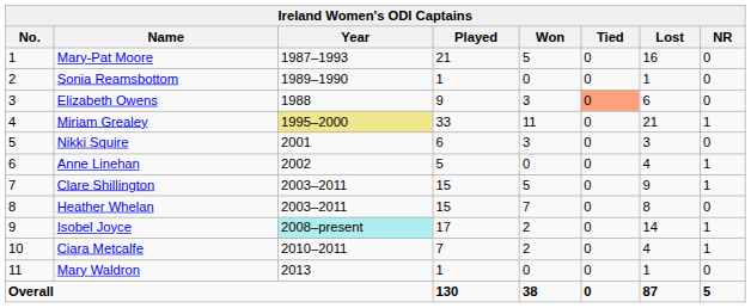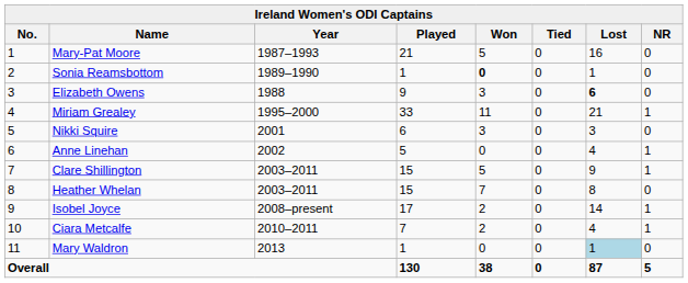 <table class="wikitable" style="width:70%;">
 <tr>
 <th style="background:#efefef;" colspan="9">Ireland Women's ODI Captains</th>
 </tr>
 <tr style="background:#efefef;">
 <th>No.</th>
 <th>Name</th>
 <th>Year</th>
 <th>Played</th>
 <th>Won</th>
 <th>Tied</th>
 <th>Lost</th>
 <th>NR</th>
 </tr>
 <tr>
 <td>1</td>
 <td><a href='#'>Mary-Pat Moore</a></td>
 <td>1987–1993</td>
 <td>21</td>
 <td>5</td>
 <td>0</td>
 <td>16</td>
 <td>0</td>
 </tr>
 <tr>
 <td>2</td>
 <td><a href='#'>Sonia Reamsbottom</a></td>
 <td>1989–1990</td>
 <td>1</td>
-<td>0</td>
+<td><strong>0</strong></td>
 <td>0</td>
 <td>1</td>
 <td>0</td>
 </tr>
 <tr>
 <td>3</td>
 <td><a href='#'>Elizabeth Owens</a></td>
 <td>1988</td>
 <td>9</td>
 <td>3</td>
-<td style="background: lightsalmon;">0</td>
-<td>6</td>
+<td>0</td>
+<td><strong>6</strong></td>
 <td>0</td>
 </tr>
 <tr>
 <td>4</td>
 <td><a href='#'>Miriam Grealey</a></td>
-<td style="background: khaki;">1995–2000</td>
+<td>1995–2000</td>
 <td>33</td>
 <td>11</td>
 <td>0</td>
 <td>21</td>
 <td>1</td>
 </tr>
 <tr>
 <td>5</td>
 <td><a href='#'>Nikki Squire</a></td>
 <td>2001</td>
 <td>6</td>
 <td>3</td>
 <td>0</td>
 <td>3</td>
 <td>0</td>
 </tr>
 <tr>
 <td>6</td>
 <td><a href='#'>Anne Linehan</a></td>
 <td>2002</td>
 <td>5</td>
 <td>0</td>
 <td>0</td>
 <td>4</td>
 <td>1</td>
 </tr>
 <tr>
 <td>7</td>
 <td><a href='#'>Clare Shillington</a></td>
 <td>2003–2011</td>
 <td>15</td>
 <td>5</td>
 <td>0</td>
 <td>9</td>
 <td>1</td>
 </tr>
 <tr>
 <td>8</td>
 <td><a href='#'>Heather Whelan</a></td>
 <td>2003–2011</td>
 <td>15</td>
 <td>7</td>
 <td>0</td>
 <td>8</td>
 <td>0</td>
 </tr>
 <tr>
 <td>9</td>
 <td><a href='#'>Isobel Joyce</a></td>
-<td style="background: paleturquoise;">2008–present</td>
+<td>2008–present</td>
 <td>17</td>
 <td>2</td>
 <td>0</td>
 <td>14</td>
 <td>1</td>
 </tr>
 <tr>
 <td>10</td>
 <td><a href='#'>Ciara Metcalfe</a></td>
 <td>2010–2011</td>
 <td>7</td>
 <td>2</td>
 <td>0</td>
 <td>4</td>
 <td>1</td>
 </tr>
 <tr>
 <td>11</td>
 <td><a href='#'>Mary Waldron</a></td>
 <td>2013</td>
 <td>1</td>
 <td>0</td>
 <td>0</td>
-<td>1</td>
+<td style="background: lightblue;">1</td>
 <td>0</td>
 </tr>
 <tr>
 <td colspan=3><strong>Overall</strong></td>
 <td><strong>130</strong></td>
 <td><strong>38</strong></td>
 <td><strong>0</strong></td>
 <td><strong>87</strong></td>
 <td><strong>5</strong></td>
 </tr>
 </table>
